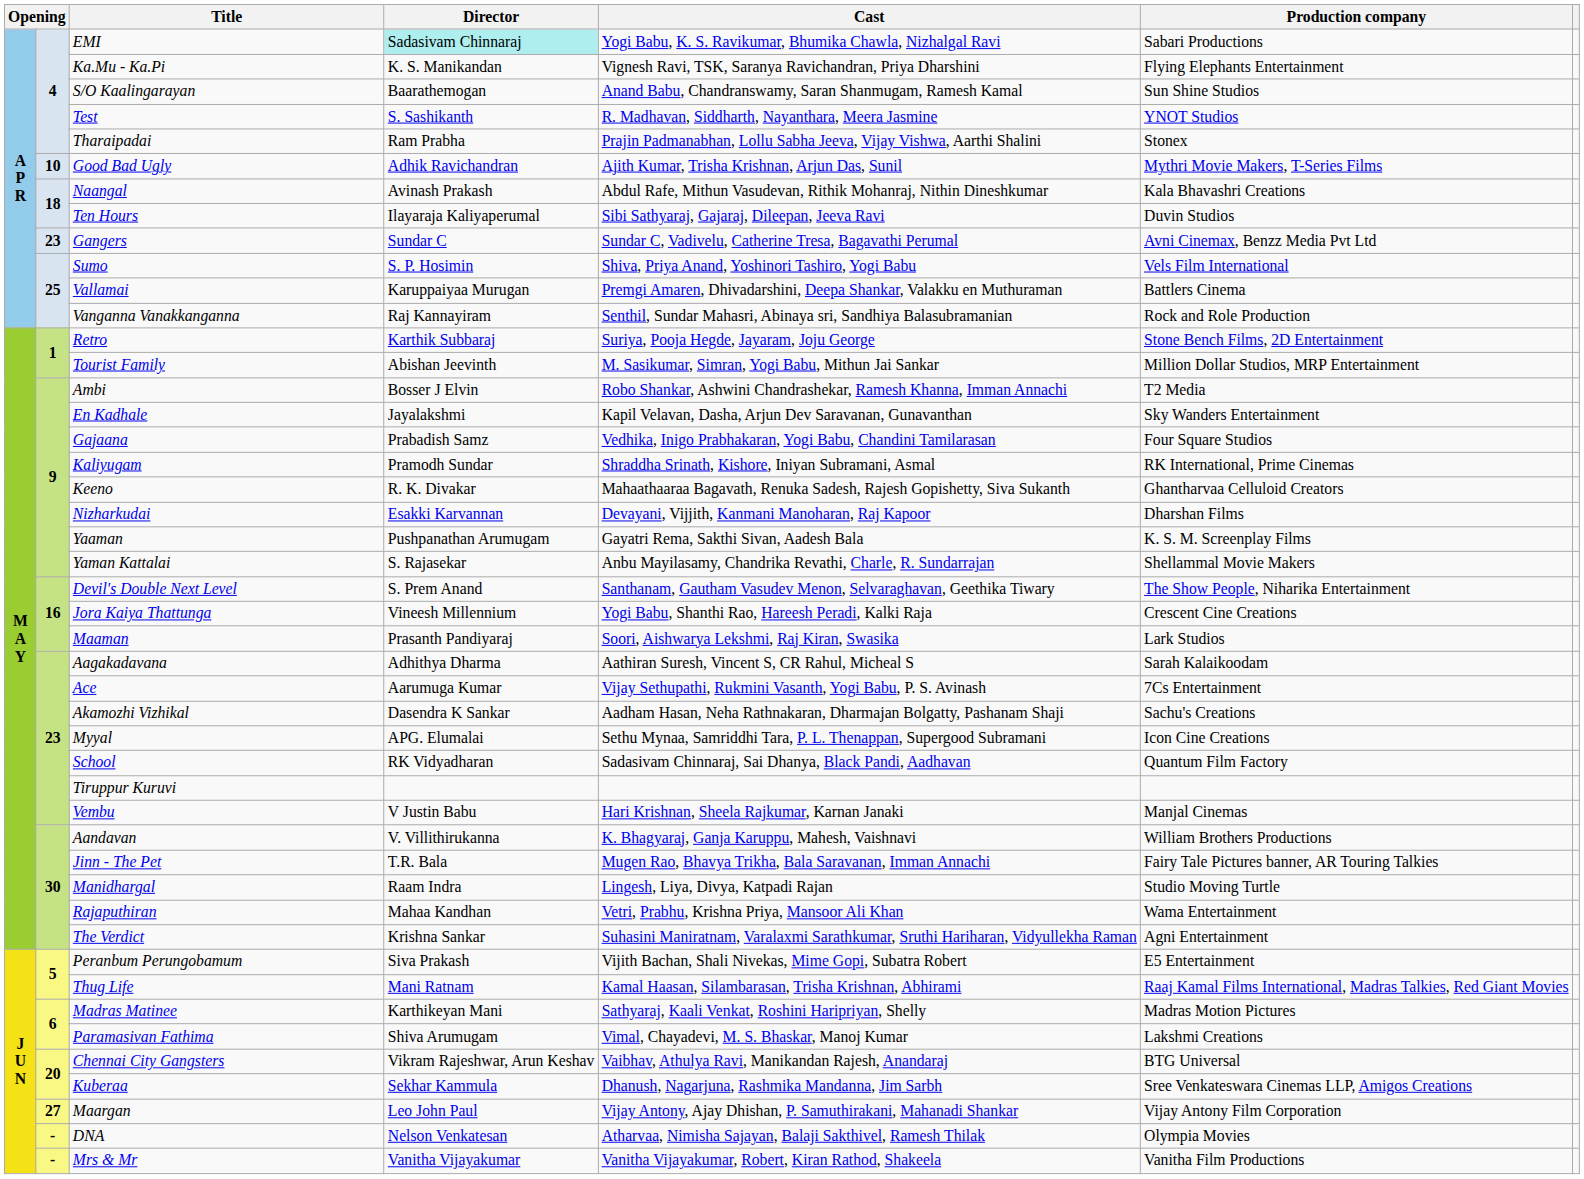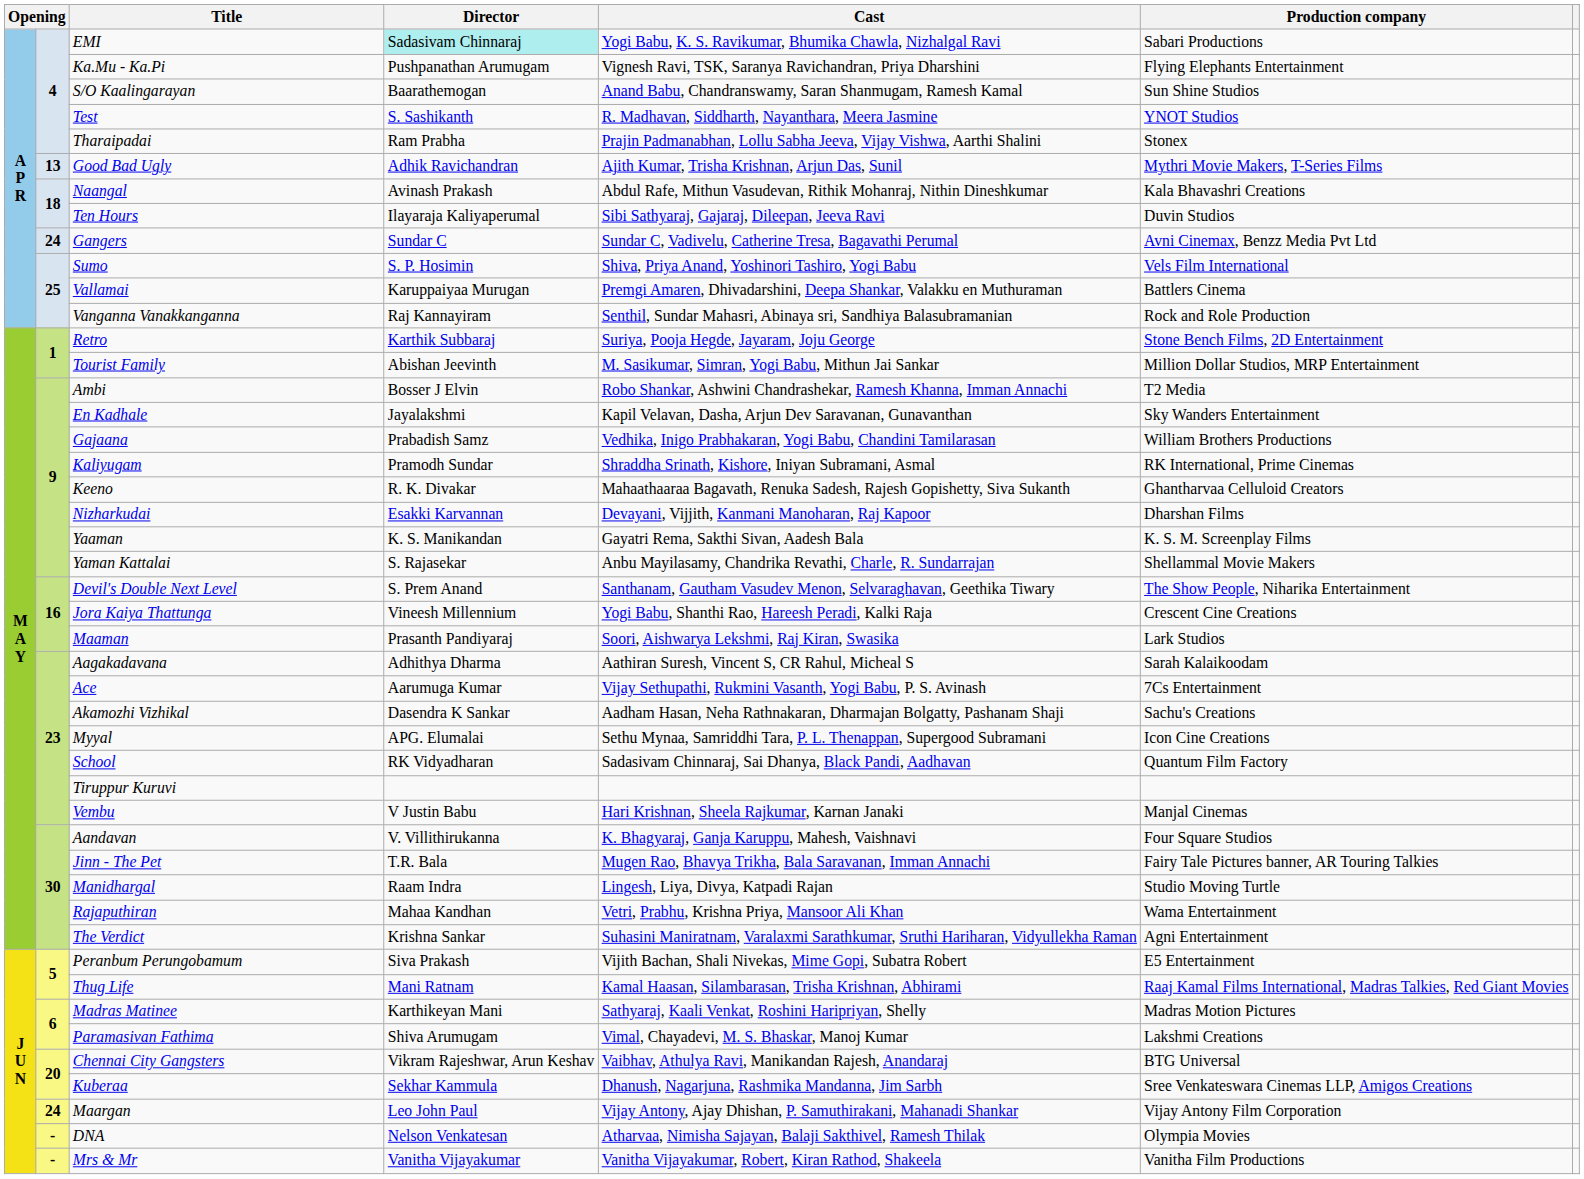 <table class="wikitable sortable">
 <tr>
 <th colspan="2">Opening</th>
 <th style="width:20%;">Title</th>
 <th>Director</th>
 <th>Cast</th>
 <th>Production company</th>
 <th class="unsortable"></th>
 </tr>
 <tr>
 <td rowspan="12" style="text-align:center; background:#93CCEA; textcolor:#000;"><strong>A<br>P<br>R</strong></td>
 <td rowspan="5" style="text-align:center;background:#d9e4f1;"><strong>4</strong></td>
 <td><em>EMI</em></td>
 <td style="background: paleturquoise;">Sadasivam Chinnaraj</td>
 <td><a href='#'>Yogi Babu</a>, <a href='#'>K. S. Ravikumar</a>, <a href='#'>Bhumika Chawla</a>, <a href='#'>Nizhalgal Ravi</a></td>
 <td>Sabari Productions</td>
 <td style="text-align:center;"></td>
 </tr>
 <tr>
 <td><em>Ka.Mu - Ka.Pi</em></td>
-<td>K. S. Manikandan</td>
+<td>Pushpanathan Arumugam</td>
 <td>Vignesh Ravi, TSK, Saranya Ravichandran, Priya Dharshini</td>
 <td>Flying Elephants Entertainment</td>
 <td style="text-align:center;"></td>
 </tr>
 <tr>
 <td><em>S/O Kaalingarayan</em></td>
 <td>Baarathemogan</td>
 <td><a href='#'>Anand Babu</a>, Chandranswamy, Saran Shanmugam, Ramesh Kamal</td>
 <td>Sun Shine Studios</td>
 <td style="text-align:center;"></td>
 </tr>
 <tr>
 <td><a href='#'><em>Test</em></a></td>
 <td><a href='#'>S. Sashikanth</a></td>
 <td><a href='#'>R. Madhavan</a>, <a href='#'>Siddharth</a>, <a href='#'>Nayanthara</a>, <a href='#'>Meera Jasmine</a></td>
 <td><a href='#'>YNOT Studios</a></td>
 <td style="text-align:center;"></td>
 </tr>
 <tr>
 <td><em>Tharaipadai</em></td>
 <td>Ram Prabha</td>
 <td><a href='#'>Prajin Padmanabhan</a>, <a href='#'>Lollu Sabha Jeeva</a>, <a href='#'>Vijay Vishwa</a>, Aarthi Shalini</td>
 <td>Stonex</td>
 <td style="text-align:center;"></td>
 </tr>
 <tr>
-<td style="text-align:center;background:#d9e4f1;"><strong>10</strong></td>
+<td style="text-align:center;background:#d9e4f1;"><strong>13</strong></td>
 <td><em><a href='#'>Good Bad Ugly</a></em></td>
 <td><a href='#'>Adhik Ravichandran</a></td>
 <td><a href='#'>Ajith Kumar</a>, <a href='#'>Trisha Krishnan</a>, <a href='#'>Arjun Das</a>, <a href='#'>Sunil</a></td>
 <td><a href='#'>Mythri Movie Makers</a>, <a href='#'>T-Series Films</a></td>
 <td style="text-align:center;"></td>
 </tr>
 <tr>
 <td rowspan="2" style="text-align:center;background:#d9e4f1;"><strong>18</strong></td>
 <td><em><a href='#'>Naangal</a></em></td>
 <td>Avinash Prakash</td>
 <td>Abdul Rafe, Mithun Vasudevan, Rithik Mohanraj, Nithin Dineshkumar</td>
 <td>Kala Bhavashri Creations</td>
 <td style="text-align:center;"></td>
 </tr>
 <tr>
 <td><em><a href='#'>Ten Hours</a></em></td>
 <td>Ilayaraja Kaliyaperumal</td>
 <td><a href='#'>Sibi Sathyaraj</a>, <a href='#'>Gajaraj</a>, <a href='#'>Dileepan</a>, <a href='#'>Jeeva Ravi</a></td>
 <td>Duvin Studios</td>
 <td style="text-align:center;"></td>
 </tr>
 <tr>
-<td rowspan="1" style="text-align:center;background:#d9e4f1;"><strong>23</strong></td>
+<td rowspan="1" style="text-align:center;background:#d9e4f1;"><strong>24</strong></td>
 <td><em><a href='#'>Gangers</a></em></td>
 <td><a href='#'>Sundar C</a></td>
 <td><a href='#'>Sundar C</a>, <a href='#'>Vadivelu</a>, <a href='#'>Catherine Tresa</a>, <a href='#'>Bagavathi Perumal</a></td>
 <td><a href='#'>Avni Cinemax</a>, Benzz Media Pvt Ltd</td>
 <td style="text-align:center;"></td>
 </tr>
 <tr>
 <td rowspan="3" style="text-align:center;background:#d9e4f1;"><strong>25</strong></td>
 <td><em><a href='#'>Sumo</a></em></td>
 <td><a href='#'>S. P. Hosimin</a></td>
 <td><a href='#'>Shiva</a>, <a href='#'>Priya Anand</a>, <a href='#'>Yoshinori Tashiro</a>, <a href='#'>Yogi Babu</a></td>
 <td><a href='#'>Vels Film International</a></td>
 <td style="text-align:center;"></td>
 </tr>
 <tr>
 <td><em><a href='#'>Vallamai</a></em></td>
 <td>Karuppaiyaa Murugan</td>
 <td><a href='#'>Premgi Amaren</a>, Dhivadarshini, <a href='#'>Deepa Shankar</a>, Valakku en Muthuraman</td>
 <td>Battlers Cinema</td>
 <td style="text-align:center;"></td>
 </tr>
 <tr>
 <td><em>Vanganna Vanakkanganna</em></td>
 <td>Raj Kannayiram</td>
 <td><a href='#'>Senthil</a>, Sundar Mahasri, Abinaya sri,  Sandhiya Balasubramanian</td>
 <td>Rock and Role Production</td>
 <td style="text-align:center;"></td>
 </tr>
 <tr>
 <td rowspan="25" style="text-align:center; background: #9ACD32; textcolor:#000;"><strong>M<br>A<br>Y</strong></td>
 <td rowspan="2" style="text-align:center; background:#C5E384;"><strong>1</strong></td>
 <td><a href='#'><em>Retro</em></a></td>
 <td><a href='#'>Karthik Subbaraj</a></td>
 <td><a href='#'>Suriya</a>, <a href='#'>Pooja Hegde</a>, <a href='#'>Jayaram</a>, <a href='#'>Joju George</a></td>
 <td><a href='#'>Stone Bench Films</a>, <a href='#'>2D Entertainment</a></td>
 <td style="text-align:center;"></td>
 </tr>
 <tr>
 <td><em><a href='#'>Tourist Family</a></em></td>
 <td>Abishan Jeevinth</td>
 <td><a href='#'>M. Sasikumar</a>, <a href='#'>Simran</a>, <a href='#'>Yogi Babu</a>, Mithun Jai Sankar</td>
 <td>Million Dollar Studios, MRP Entertainment</td>
 <td style="text-align:center;"></td>
 </tr>
 <tr>
 <td rowspan="8" style="text-align:center; background:#C5E384;"><strong>9</strong></td>
 <td><em>Ambi</em></td>
 <td>Bosser J Elvin</td>
 <td><a href='#'>Robo Shankar</a>, Ashwini Chandrashekar, <a href='#'>Ramesh Khanna</a>, <a href='#'>Imman Annachi</a></td>
 <td>T2 Media</td>
 <td style="text-align:center;"></td>
 </tr>
 <tr>
 <td><em><a href='#'>En Kadhale</a></em></td>
 <td>Jayalakshmi</td>
 <td>Kapil Velavan, Dasha, Arjun Dev Saravanan, Gunavanthan</td>
 <td>Sky Wanders Entertainment</td>
 <td style="text-align:center;"></td>
 </tr>
 <tr>
 <td><em><a href='#'>Gajaana</a></em></td>
 <td>Prabadish Samz</td>
 <td><a href='#'>Vedhika</a>, <a href='#'>Inigo Prabhakaran</a>, <a href='#'>Yogi Babu</a>, <a href='#'>Chandini Tamilarasan</a></td>
-<td>Four Square Studios</td>
+<td>William Brothers Productions</td>
 <td style="text-align:center;"></td>
 </tr>
 <tr>
 <td><em><a href='#'>Kaliyugam</a></em></td>
 <td>Pramodh Sundar</td>
 <td><a href='#'>Shraddha Srinath</a>, <a href='#'>Kishore</a>, Iniyan Subramani, Asmal</td>
 <td>RK International, Prime Cinemas</td>
 <td style="text-align:center;"></td>
 </tr>
 <tr>
 <td><em>Keeno</em></td>
 <td>R. K. Divakar</td>
 <td>Mahaathaaraa Bagavath, Renuka Sadesh, Rajesh Gopishetty, Siva Sukanth</td>
 <td>Ghantharvaa Celluloid Creators</td>
 <td style="text-align:center;"></td>
 </tr>
 <tr>
 <td><em><a href='#'>Nizharkudai</a></em></td>
 <td><a href='#'>Esakki Karvannan</a></td>
 <td><a href='#'>Devayani</a>, Vijjith, <a href='#'>Kanmani Manoharan</a>, <a href='#'>Raj Kapoor</a></td>
 <td>Dharshan Films</td>
 <td style="text-align:center;"></td>
 </tr>
 <tr>
 <td><em>Yaaman</em></td>
-<td>Pushpanathan Arumugam</td>
+<td>K. S. Manikandan</td>
 <td>Gayatri Rema, Sakthi Sivan, Aadesh Bala</td>
 <td>K. S. M. Screenplay Films</td>
 <td style="text-align:center;"></td>
 </tr>
 <tr>
 <td><em>Yaman Kattalai</em></td>
 <td>S. Rajasekar</td>
 <td>Anbu Mayilasamy, Chandrika Revathi, <a href='#'>Charle</a>, <a href='#'>R. Sundarrajan</a></td>
 <td>Shellammal Movie Makers</td>
 <td style="text-align:center;"></td>
 </tr>
 <tr>
 <td rowspan="3" style="text-align:center; background:#C5E384;"><strong>16</strong></td>
 <td><a href='#'><em>Devil's Double Next Level</em></a></td>
 <td>S. Prem Anand</td>
 <td><a href='#'>Santhanam</a>, <a href='#'>Gautham Vasudev Menon</a>, <a href='#'>Selvaraghavan</a>, Geethika Tiwary</td>
 <td><a href='#'>The Show People</a>, Niharika Entertainment</td>
 <td style="text-align:center;"></td>
 </tr>
 <tr>
 <td><em><a href='#'>Jora Kaiya Thattunga</a></em></td>
 <td>Vineesh Millennium</td>
 <td><a href='#'>Yogi Babu</a>, Shanthi Rao, <a href='#'>Hareesh Peradi</a>, Kalki Raja</td>
 <td>Crescent Cine Creations</td>
 <td style="text-align:center;"></td>
 </tr>
 <tr>
 <td><em><a href='#'>Maaman</a></em></td>
 <td>Prasanth Pandiyaraj</td>
 <td><a href='#'>Soori</a>, <a href='#'>Aishwarya Lekshmi</a>, <a href='#'>Raj Kiran</a>, <a href='#'>Swasika</a></td>
 <td>Lark Studios</td>
 <td style="text-align:center;"></td>
 </tr>
 <tr>
 <td rowspan="7" style="text-align:center; background:#C5E384;"><strong>23</strong></td>
 <td><em>Aagakadavana</em></td>
 <td>Adhithya Dharma</td>
 <td>Aathiran Suresh, Vincent S, CR Rahul, Micheal S</td>
 <td>Sarah Kalaikoodam</td>
 <td style="text-align:center;"></td>
 </tr>
 <tr>
 <td><em><a href='#'>Ace</a></em></td>
 <td>Aarumuga Kumar</td>
 <td><a href='#'>Vijay Sethupathi</a>, <a href='#'>Rukmini Vasanth</a>, <a href='#'>Yogi Babu</a>, P. S. Avinash</td>
 <td>7Cs Entertainment</td>
 <td style="text-align:center;"></td>
 </tr>
 <tr>
 <td><em>Akamozhi Vizhikal</em></td>
 <td>Dasendra K Sankar</td>
 <td>Aadham Hasan, Neha Rathnakaran, Dharmajan Bolgatty, Pashanam Shaji</td>
 <td>Sachu's Creations</td>
 <td style="text-align:center;"></td>
 </tr>
 <tr>
 <td><em>Myyal</em></td>
 <td>APG. Elumalai</td>
 <td>Sethu Mynaa, Samriddhi Tara, <a href='#'>P. L. Thenappan</a>, Supergood Subramani</td>
 <td>Icon Cine Creations</td>
 <td style="text-align:center;"></td>
 </tr>
 <tr>
 <td><em><a href='#'>School</a></em></td>
 <td>RK Vidyadharan</td>
 <td>Sadasivam Chinnaraj, Sai Dhanya, <a href='#'>Black Pandi</a>, <a href='#'>Aadhavan</a></td>
 <td>Quantum Film Factory</td>
 <td style="text-align:center;"></td>
 </tr>
 <tr>
 <td><em>Tiruppur Kuruvi</em></td>
 <td></td>
 <td></td>
 <td></td>
 <td style="text-align:center;"></td>
 </tr>
 <tr>
 <td><em><a href='#'>Vembu</a></em></td>
 <td>V Justin Babu</td>
 <td><a href='#'>Hari Krishnan</a>, <a href='#'>Sheela Rajkumar</a>, Karnan Janaki</td>
 <td>Manjal Cinemas</td>
 <td style="text-align:center;"></td>
 </tr>
 <tr>
 <td rowspan="5" style="text-align:center; background:#C5E384;"><strong>30</strong></td>
 <td><em>Aandavan</em></td>
 <td>V. Villithirukanna</td>
 <td><a href='#'>K. Bhagyaraj</a>, <a href='#'>Ganja Karuppu</a>, Mahesh, Vaishnavi</td>
-<td>William Brothers Productions</td>
+<td>Four Square Studios</td>
 <td style="text-align:center;"></td>
 </tr>
 <tr>
 <td><em><a href='#'>Jinn - The Pet</a></em></td>
 <td>T.R. Bala</td>
 <td><a href='#'>Mugen Rao</a>, <a href='#'>Bhavya Trikha</a>, <a href='#'>Bala Saravanan</a>, <a href='#'>Imman Annachi</a></td>
 <td>Fairy Tale Pictures banner, AR Touring Talkies</td>
 <td style="text-align:center;"></td>
 </tr>
 <tr>
 <td><em><a href='#'>Manidhargal</a></em></td>
 <td>Raam Indra</td>
 <td><a href='#'>Lingesh</a>, Liya, Divya, Katpadi Rajan</td>
 <td>Studio Moving Turtle</td>
 <td style="text-align: center;"></td>
 </tr>
 <tr>
 <td><em><a href='#'>Rajaputhiran</a></em></td>
 <td>Mahaa Kandhan</td>
 <td><a href='#'>Vetri</a>, <a href='#'>Prabhu</a>, Krishna Priya, <a href='#'>Mansoor Ali Khan</a></td>
 <td>Wama Entertainment</td>
 <td style="text-align:center;"></td>
 </tr>
 <tr>
 <td><em><a href='#'>The Verdict</a></em></td>
 <td>Krishna Sankar</td>
 <td><a href='#'>Suhasini Maniratnam</a>, <a href='#'>Varalaxmi Sarathkumar</a>, <a href='#'>Sruthi Hariharan</a>, <a href='#'>Vidyullekha Raman</a></td>
 <td>Agni Entertainment</td>
 <td style="text-align:center;"></td>
 </tr>
 <tr>
 <td rowspan="9" style="text-align:center; background:#f5e216; textcolor:#000;"><strong>J<br>U<br>N</strong></td>
 <td rowspan="2" style="text-align:center;background:#faf884;"><strong>5</strong></td>
 <td><em>Peranbum Perungobamum</em></td>
 <td>Siva Prakash</td>
 <td>Vijith Bachan, Shali Nivekas, <a href='#'>Mime Gopi</a>, Subatra Robert</td>
 <td>E5 Entertainment</td>
 <td style="text-align: center;"></td>
 </tr>
 <tr>
 <td><em><a href='#'>Thug Life</a></em></td>
 <td><a href='#'>Mani Ratnam</a></td>
 <td><a href='#'>Kamal Haasan</a>, <a href='#'>Silambarasan</a>, <a href='#'>Trisha Krishnan</a>, <a href='#'>Abhirami</a></td>
 <td><a href='#'>Raaj Kamal Films International</a>, <a href='#'>Madras Talkies</a>, <a href='#'>Red Giant Movies</a></td>
 <td style="text-align:center;"></td>
 </tr>
 <tr>
 <td rowspan="2" style="text-align:center;background:#faf884;"><strong>6</strong></td>
 <td><em><a href='#'>Madras Matinee</a></em></td>
 <td>Karthikeyan Mani</td>
 <td><a href='#'>Sathyaraj</a>, <a href='#'>Kaali Venkat</a>, <a href='#'>Roshini Haripriyan</a>, Shelly</td>
 <td>Madras Motion Pictures</td>
 <td style="text-align:center;"></td>
 </tr>
 <tr>
 <td><em><a href='#'>Paramasivan Fathima</a></em></td>
 <td>Shiva Arumugam</td>
 <td><a href='#'>Vimal</a>, Chayadevi, <a href='#'>M. S. Bhaskar</a>, Manoj Kumar</td>
 <td>Lakshmi Creations</td>
 <td style="text-align:center;"></td>
 </tr>
 <tr>
 <td rowspan="2" style="text-align:center;background:#faf884;"><strong>20</strong></td>
 <td><em><a href='#'>Chennai City Gangsters</a></em></td>
 <td>Vikram Rajeshwar, Arun Keshav</td>
 <td><a href='#'>Vaibhav</a>, <a href='#'>Athulya Ravi</a>, Manikandan Rajesh, <a href='#'>Anandaraj</a></td>
 <td>BTG Universal</td>
 <td style="text-align:center;"></td>
 </tr>
 <tr>
 <td><em><a href='#'>Kuberaa</a></em></td>
 <td><a href='#'>Sekhar Kammula</a></td>
 <td><a href='#'>Dhanush</a>, <a href='#'>Nagarjuna</a>, <a href='#'>Rashmika Mandanna</a>, <a href='#'>Jim Sarbh</a></td>
 <td>Sree Venkateswara Cinemas LLP, <a href='#'>Amigos Creations</a></td>
 <td style="text-align:center;"></td>
 </tr>
 <tr>
-<td rowspan="1" style="text-align:center;background:#faf884;"><strong>27</strong></td>
+<td rowspan="1" style="text-align:center;background:#faf884;"><strong>24</strong></td>
 <td><em>Maargan</em></td>
 <td><a href='#'>Leo John Paul</a></td>
 <td><a href='#'>Vijay Antony</a>, Ajay Dhishan, <a href='#'>P. Samuthirakani</a>, <a href='#'>Mahanadi Shankar</a></td>
 <td>Vijay Antony Film Corporation</td>
 <td style="text-align:center;"></td>
 </tr>
 <tr>
 <td rowspan="1" style="text-align:center;background:#faf884;"><strong>-</strong></td>
 <td><em>DNA</em></td>
 <td><a href='#'>Nelson Venkatesan</a></td>
 <td><a href='#'>Atharvaa</a>, <a href='#'>Nimisha Sajayan</a>, <a href='#'>Balaji Sakthivel</a>, <a href='#'>Ramesh Thilak</a></td>
 <td>Olympia Movies</td>
 <td style="text-align:center;"></td>
 </tr>
 <tr>
 <td rowspan="1" style="text-align:center;background:#faf884;"><strong>-</strong></td>
 <td><em><a href='#'>Mrs & Mr</a></em></td>
 <td><a href='#'>Vanitha Vijayakumar</a></td>
 <td><a href='#'>Vanitha Vijayakumar</a>, <a href='#'>Robert</a>, <a href='#'>Kiran Rathod</a>, <a href='#'>Shakeela</a></td>
 <td>Vanitha Film Productions</td>
 <td style="text-align:center;"></td>
 </tr>
 </table>
